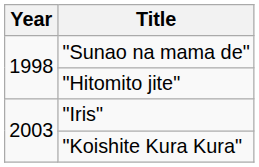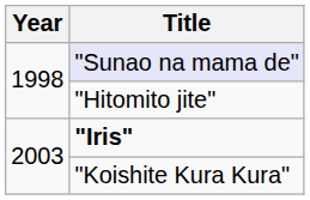 <table class="wikitable">
 <tr>
 <th>Year</th>
 <th>Title</th>
 </tr>
 <tr>
 <td rowspan="2">1998</td>
-<td>"Sunao na mama de"</td>
+<td style="background: lavender;">"Sunao na mama de"</td>
 </tr>
 <tr>
 <td>"Hitomito jite"</td>
 </tr>
 <tr>
 <td rowspan="2">2003</td>
-<td>"Iris"</td>
+<td><strong>"Iris"</strong></td>
 </tr>
 <tr>
 <td>"Koishite Kura Kura"</td>
 </tr>
 </table>
